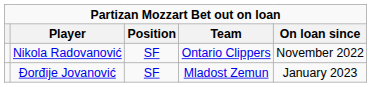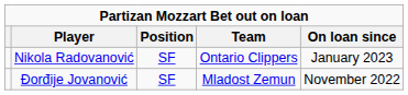 <table class="wikitable sortable" style="font-size: 95%; text-align:center;">
 <tr>
 <td colspan=6><strong>Partizan Mozzart Bet out on loan</strong></td>
 </tr>
 <tr>
 <th></th>
 <th>Player</th>
 <th>Position</th>
 <th>Team</th>
 <th>On loan since</th>
 </tr>
 <tr>
 <td></td>
 <td><a href='#'>Nikola Radovanović</a></td>
 <td><a href='#'>SF</a></td>
 <td> <a href='#'>Ontario Clippers</a></td>
-<td>November 2022</td>
+<td>January 2023</td>
 </tr>
 <tr>
 <td></td>
 <td><a href='#'>Đorđije Jovanović</a></td>
 <td><a href='#'>SF</a></td>
 <td> <a href='#'>Mladost Zemun</a></td>
-<td>January 2023</td>
+<td>November 2022</td>
 </tr>
 </table>
